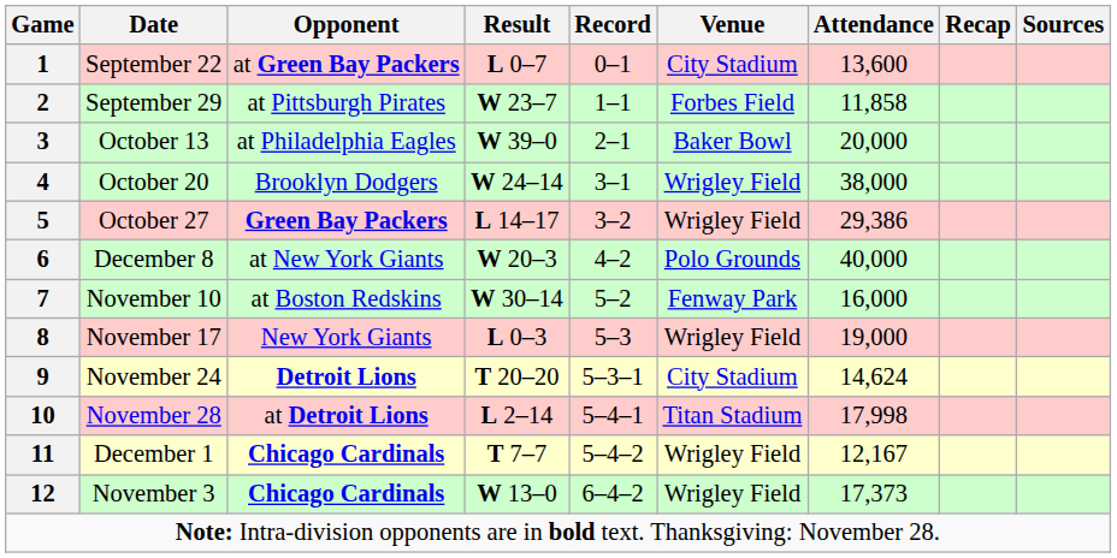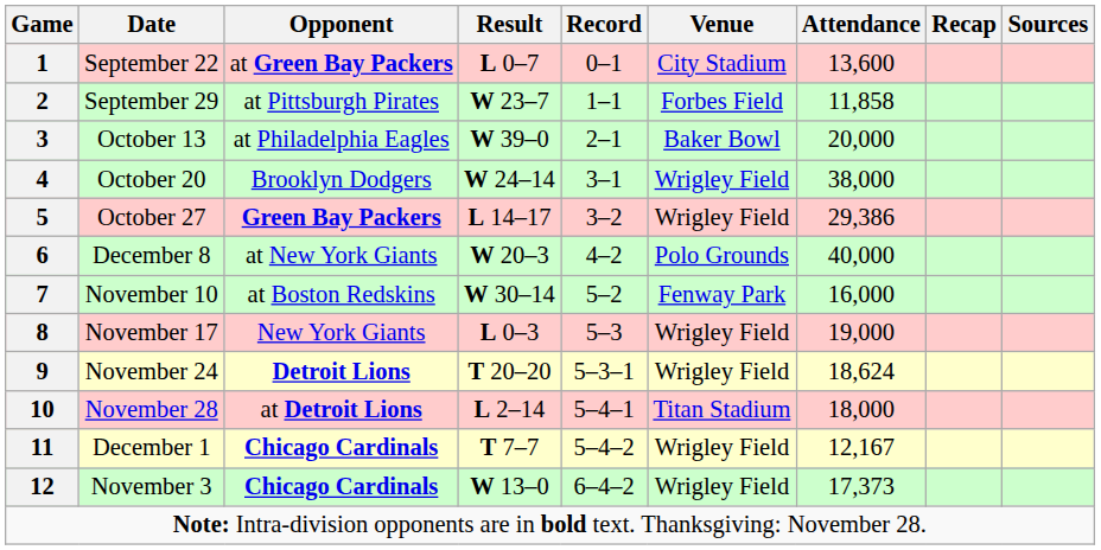 <table class="wikitable" style="text-align:center">
 <tr>
 <th>Game</th>
 <th>Date</th>
 <th>Opponent</th>
 <th>Result</th>
 <th>Record</th>
 <th>Venue</th>
 <th>Attendance</th>
 <th>Recap</th>
 <th>Sources</th>
 </tr>
 <tr style="background:#fcc">
 <th>1</th>
 <td>September 22</td>
 <td>at <strong><a href='#'>Green Bay Packers</a></strong></td>
 <td><strong>L</strong> 0–7</td>
 <td>0–1</td>
 <td><a href='#'>City Stadium</a></td>
 <td>13,600</td>
 <td></td>
 <td></td>
 </tr>
 <tr style="background:#cfc">
 <th>2</th>
 <td>September 29</td>
 <td>at <a href='#'>Pittsburgh Pirates</a></td>
 <td><strong>W</strong> 23–7</td>
 <td>1–1</td>
 <td><a href='#'>Forbes Field</a></td>
 <td>11,858</td>
 <td></td>
 <td></td>
 </tr>
 <tr style="background:#cfc">
 <th>3</th>
 <td>October 13</td>
 <td>at <a href='#'>Philadelphia Eagles</a></td>
 <td><strong>W</strong> 39–0</td>
 <td>2–1</td>
 <td><a href='#'>Baker Bowl</a></td>
 <td>20,000</td>
 <td></td>
 <td></td>
 </tr>
 <tr style="background:#cfc">
 <th>4</th>
 <td>October 20</td>
 <td><a href='#'>Brooklyn Dodgers</a></td>
 <td><strong>W</strong> 24–14</td>
 <td>3–1</td>
 <td><a href='#'>Wrigley Field</a></td>
 <td>38,000</td>
 <td></td>
 <td></td>
 </tr>
 <tr style="background:#fcc">
 <th>5</th>
 <td>October 27</td>
 <td><strong><a href='#'>Green Bay Packers</a></strong></td>
 <td><strong>L</strong> 14–17</td>
 <td>3–2</td>
 <td>Wrigley Field</td>
 <td>29,386</td>
 <td></td>
 <td></td>
 </tr>
 <tr style="background:#cfc">
 <th>6</th>
 <td>December 8</td>
 <td>at <a href='#'>New York Giants</a></td>
 <td><strong>W</strong> 20–3</td>
 <td>4–2</td>
 <td><a href='#'>Polo Grounds</a></td>
 <td>40,000</td>
 <td></td>
 <td></td>
 </tr>
 <tr style="background:#cfc">
 <th>7</th>
 <td>November 10</td>
 <td>at <a href='#'>Boston Redskins</a></td>
 <td><strong>W</strong> 30–14</td>
 <td>5–2</td>
 <td><a href='#'>Fenway Park</a></td>
 <td>16,000</td>
 <td></td>
 <td></td>
 </tr>
 <tr style="background:#fcc">
 <th>8</th>
 <td>November 17</td>
 <td><a href='#'>New York Giants</a></td>
 <td><strong>L</strong> 0–3</td>
 <td>5–3</td>
 <td>Wrigley Field</td>
 <td>19,000</td>
 <td></td>
 <td></td>
 </tr>
 <tr style="background:#ffc">
 <th>9</th>
 <td>November 24</td>
 <td><strong><a href='#'>Detroit Lions</a></strong></td>
 <td><strong>T</strong> 20–20</td>
 <td>5–3–1</td>
-<td><a href='#'>City Stadium</a></td>
-<td>14,624</td>
+<td>Wrigley Field</td>
+<td>18,624</td>
 <td></td>
 <td></td>
 </tr>
 <tr style="background:#fcc">
 <th>10</th>
 <td><a href='#'>November 28</a></td>
 <td>at <strong><a href='#'>Detroit Lions</a></strong></td>
 <td><strong>L</strong> 2–14</td>
 <td>5–4–1</td>
 <td><a href='#'>Titan Stadium</a></td>
-<td>17,998</td>
+<td>18,000</td>
 <td></td>
 <td></td>
 </tr>
 <tr style="background:#ffc">
 <th>11</th>
 <td>December 1</td>
 <td><strong><a href='#'>Chicago Cardinals</a></strong></td>
 <td><strong>T</strong> 7–7</td>
 <td>5–4–2</td>
 <td>Wrigley Field</td>
 <td>12,167</td>
 <td></td>
 <td></td>
 </tr>
 <tr style="background:#cfc">
 <th>12</th>
 <td>November 3</td>
 <td><strong><a href='#'>Chicago Cardinals</a></strong></td>
 <td><strong>W</strong> 13–0</td>
 <td>6–4–2</td>
 <td>Wrigley Field</td>
 <td>17,373</td>
 <td></td>
 <td></td>
 </tr>
 <tr>
 <td colspan="10"><strong>Note:</strong> Intra-division opponents are in <strong>bold</strong> text. Thanksgiving: November 28.</td>
 </tr>
 </table>
